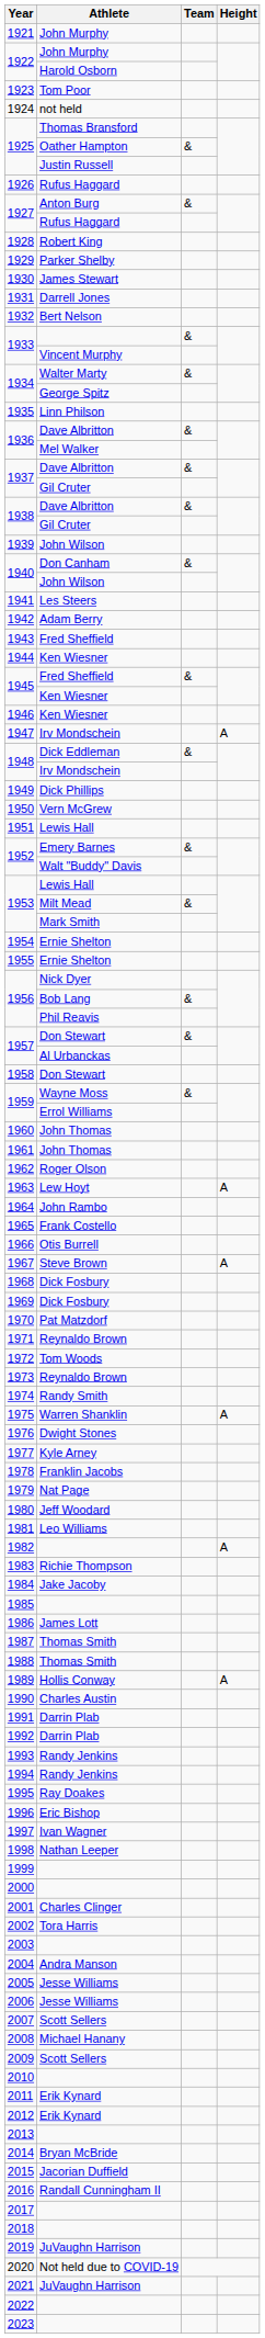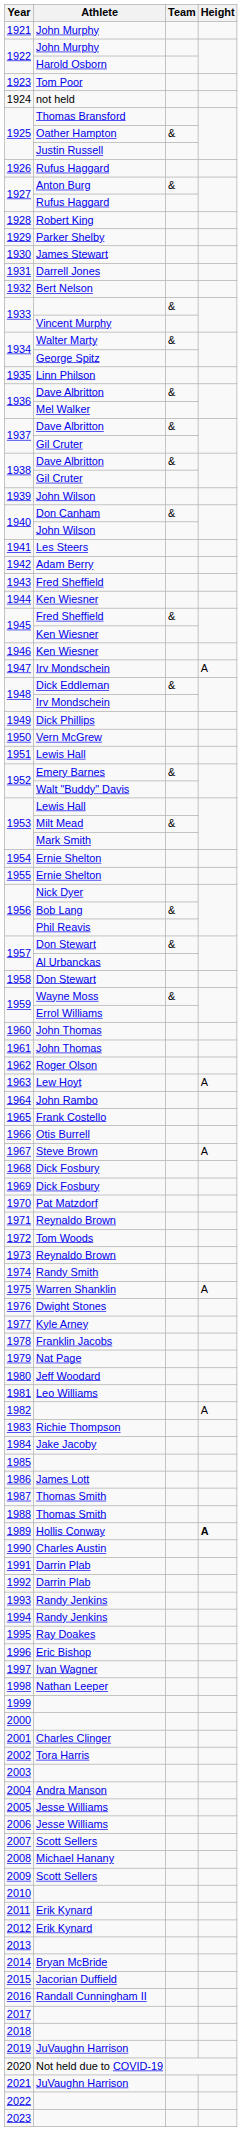 <table class="wikitable sortable">
 <tr>
 <th>Year</th>
 <th>Athlete</th>
 <th>Team</th>
 <th>Height</th>
 </tr>
 <tr>
 <td><a href='#'>1921</a></td>
 <td><a href='#'>John Murphy</a></td>
 <td></td>
 <td></td>
 </tr>
 <tr>
 <td rowspan=2><a href='#'>1922</a></td>
 <td><a href='#'>John Murphy</a></td>
 <td></td>
 <td rowspan=2></td>
 </tr>
 <tr>
 <td><a href='#'>Harold Osborn</a></td>
 <td></td>
 </tr>
 <tr>
 <td><a href='#'>1923</a></td>
 <td><a href='#'>Tom Poor</a></td>
 <td></td>
 <td></td>
 </tr>
 <tr>
 <td>1924</td>
 <td>not held</td>
 <td></td>
 </tr>
 <tr>
 <td rowspan=3><a href='#'>1925</a></td>
 <td><a href='#'>Thomas Bransford</a></td>
 <td></td>
 <td rowspan=3></td>
 </tr>
 <tr>
 <td><a href='#'>Oather Hampton</a></td>
 <td> &</td>
 </tr>
 <tr>
 <td><a href='#'>Justin Russell</a></td>
 <td></td>
 </tr>
 <tr>
 <td><a href='#'>1926</a></td>
 <td><a href='#'>Rufus Haggard</a></td>
 <td></td>
 <td></td>
 </tr>
 <tr>
 <td rowspan=2><a href='#'>1927</a></td>
 <td><a href='#'>Anton Burg</a></td>
 <td> &</td>
 <td rowspan=2></td>
 </tr>
 <tr>
 <td><a href='#'>Rufus Haggard</a></td>
 <td></td>
 </tr>
 <tr>
 <td><a href='#'>1928</a></td>
 <td><a href='#'>Robert King</a></td>
 <td></td>
 <td></td>
 </tr>
 <tr>
 <td><a href='#'>1929</a></td>
 <td><a href='#'>Parker Shelby</a></td>
 <td></td>
 <td></td>
 </tr>
 <tr>
 <td><a href='#'>1930</a></td>
 <td><a href='#'>James Stewart</a></td>
 <td></td>
 <td></td>
 </tr>
 <tr>
 <td><a href='#'>1931</a></td>
 <td><a href='#'>Darrell Jones</a></td>
 <td></td>
 <td></td>
 </tr>
 <tr>
 <td><a href='#'>1932</a></td>
 <td><a href='#'>Bert Nelson</a></td>
 <td></td>
 <td></td>
 </tr>
 <tr>
 <td rowspan=2><a href='#'>1933</a></td>
 <td></td>
 <td> &</td>
 <td rowspan=2></td>
 </tr>
 <tr>
 <td><a href='#'>Vincent Murphy</a></td>
 <td></td>
 </tr>
 <tr>
 <td rowspan=2><a href='#'>1934</a></td>
 <td><a href='#'>Walter Marty</a></td>
 <td> &</td>
 <td rowspan=2></td>
 </tr>
 <tr>
 <td><a href='#'>George Spitz</a></td>
 <td></td>
 </tr>
 <tr>
 <td><a href='#'>1935</a></td>
 <td><a href='#'>Linn Philson</a></td>
 <td></td>
 <td></td>
 </tr>
 <tr>
 <td rowspan=2><a href='#'>1936</a></td>
 <td><a href='#'>Dave Albritton</a></td>
 <td> &</td>
 <td rowspan=2></td>
 </tr>
 <tr>
 <td><a href='#'>Mel Walker</a></td>
 <td></td>
 </tr>
 <tr>
 <td rowspan=2><a href='#'>1937</a></td>
 <td><a href='#'>Dave Albritton</a></td>
 <td> &</td>
 <td rowspan=2></td>
 </tr>
 <tr>
 <td><a href='#'>Gil Cruter</a></td>
 <td></td>
 </tr>
 <tr>
 <td rowspan=2><a href='#'>1938</a></td>
 <td><a href='#'>Dave Albritton</a></td>
 <td> &</td>
 <td rowspan=2></td>
 </tr>
 <tr>
 <td><a href='#'>Gil Cruter</a></td>
 <td></td>
 </tr>
 <tr>
 <td><a href='#'>1939</a></td>
 <td><a href='#'>John Wilson</a></td>
 <td></td>
 <td></td>
 </tr>
 <tr>
 <td rowspan=2><a href='#'>1940</a></td>
 <td><a href='#'>Don Canham</a></td>
 <td> &</td>
 <td rowspan=2></td>
 </tr>
 <tr>
 <td><a href='#'>John Wilson</a></td>
 <td></td>
 </tr>
 <tr>
 <td><a href='#'>1941</a></td>
 <td><a href='#'>Les Steers</a></td>
 <td></td>
 <td></td>
 </tr>
 <tr>
 <td><a href='#'>1942</a></td>
 <td><a href='#'>Adam Berry</a></td>
 <td></td>
 <td></td>
 </tr>
 <tr>
 <td><a href='#'>1943</a></td>
 <td><a href='#'>Fred Sheffield</a></td>
 <td></td>
 <td></td>
 </tr>
 <tr>
 <td><a href='#'>1944</a></td>
 <td><a href='#'>Ken Wiesner</a></td>
 <td></td>
 <td></td>
 </tr>
 <tr>
 <td rowspan=2><a href='#'>1945</a></td>
 <td><a href='#'>Fred Sheffield</a></td>
 <td> &</td>
 <td rowspan=2></td>
 </tr>
 <tr>
 <td><a href='#'>Ken Wiesner</a></td>
 <td></td>
 </tr>
 <tr>
 <td><a href='#'>1946</a></td>
 <td><a href='#'>Ken Wiesner</a></td>
 <td></td>
 <td></td>
 </tr>
 <tr>
 <td><a href='#'>1947</a></td>
 <td><a href='#'>Irv Mondschein</a></td>
 <td></td>
 <td>A</td>
 </tr>
 <tr>
 <td rowspan=2><a href='#'>1948</a></td>
 <td><a href='#'>Dick Eddleman</a></td>
 <td> &</td>
 <td rowspan=2></td>
 </tr>
 <tr>
 <td><a href='#'>Irv Mondschein</a></td>
 <td></td>
 </tr>
 <tr>
 <td><a href='#'>1949</a></td>
 <td><a href='#'>Dick Phillips</a></td>
 <td></td>
 <td></td>
 </tr>
 <tr>
 <td><a href='#'>1950</a></td>
 <td><a href='#'>Vern McGrew</a></td>
 <td></td>
 <td></td>
 </tr>
 <tr>
 <td><a href='#'>1951</a></td>
 <td><a href='#'>Lewis Hall</a></td>
 <td></td>
 <td></td>
 </tr>
 <tr>
 <td rowspan=2><a href='#'>1952</a></td>
 <td><a href='#'>Emery Barnes</a></td>
 <td> &</td>
 <td rowspan=2></td>
 </tr>
 <tr>
 <td><a href='#'>Walt "Buddy" Davis</a></td>
 <td></td>
 </tr>
 <tr>
 <td rowspan=3><a href='#'>1953</a></td>
 <td><a href='#'>Lewis Hall</a></td>
 <td></td>
 <td rowspan=3></td>
 </tr>
 <tr>
 <td><a href='#'>Milt Mead</a></td>
 <td> &</td>
 </tr>
 <tr>
 <td><a href='#'>Mark Smith</a></td>
 <td></td>
 </tr>
 <tr>
 <td><a href='#'>1954</a></td>
 <td><a href='#'>Ernie Shelton</a></td>
 <td></td>
 <td></td>
 </tr>
 <tr>
 <td><a href='#'>1955</a></td>
 <td><a href='#'>Ernie Shelton</a></td>
 <td></td>
 <td></td>
 </tr>
 <tr>
 <td rowspan=3><a href='#'>1956</a></td>
 <td><a href='#'>Nick Dyer</a></td>
 <td></td>
 <td rowspan=3></td>
 </tr>
 <tr>
 <td><a href='#'>Bob Lang</a></td>
 <td> &</td>
 </tr>
 <tr>
 <td><a href='#'>Phil Reavis</a></td>
 <td></td>
 </tr>
 <tr>
 <td rowspan=2><a href='#'>1957</a></td>
 <td><a href='#'>Don Stewart</a></td>
 <td> &</td>
 <td rowspan=2></td>
 </tr>
 <tr>
 <td><a href='#'>Al Urbanckas</a></td>
 <td></td>
 </tr>
 <tr>
 <td><a href='#'>1958</a></td>
 <td><a href='#'>Don Stewart</a></td>
 <td></td>
 <td></td>
 </tr>
 <tr>
 <td rowspan=2><a href='#'>1959</a></td>
 <td><a href='#'>Wayne Moss</a></td>
 <td> &</td>
 <td rowspan=2></td>
 </tr>
 <tr>
 <td><a href='#'>Errol Williams</a></td>
 <td></td>
 </tr>
 <tr>
 <td><a href='#'>1960</a></td>
 <td><a href='#'>John Thomas</a></td>
 <td></td>
 <td></td>
 </tr>
 <tr>
 <td><a href='#'>1961</a></td>
 <td><a href='#'>John Thomas</a></td>
 <td></td>
 <td></td>
 </tr>
 <tr>
 <td><a href='#'>1962</a></td>
 <td><a href='#'>Roger Olson</a></td>
 <td></td>
 <td></td>
 </tr>
 <tr>
 <td><a href='#'>1963</a></td>
 <td><a href='#'>Lew Hoyt</a></td>
 <td></td>
 <td>A</td>
 </tr>
 <tr>
 <td><a href='#'>1964</a></td>
 <td><a href='#'>John Rambo</a></td>
 <td></td>
 <td></td>
 </tr>
 <tr>
 <td><a href='#'>1965</a></td>
 <td><a href='#'>Frank Costello</a></td>
 <td></td>
 <td></td>
 </tr>
 <tr>
 <td><a href='#'>1966</a></td>
 <td><a href='#'>Otis Burrell</a></td>
 <td></td>
 <td></td>
 </tr>
 <tr>
 <td><a href='#'>1967</a></td>
 <td><a href='#'>Steve Brown</a></td>
 <td></td>
 <td>A</td>
 </tr>
 <tr>
 <td><a href='#'>1968</a></td>
 <td><a href='#'>Dick Fosbury</a></td>
 <td></td>
 <td></td>
 </tr>
 <tr>
 <td><a href='#'>1969</a></td>
 <td><a href='#'>Dick Fosbury</a></td>
 <td></td>
 <td></td>
 </tr>
 <tr>
 <td><a href='#'>1970</a></td>
 <td><a href='#'>Pat Matzdorf</a></td>
 <td></td>
 <td></td>
 </tr>
 <tr>
 <td><a href='#'>1971</a></td>
 <td><a href='#'>Reynaldo Brown</a></td>
 <td></td>
 <td></td>
 </tr>
 <tr>
 <td><a href='#'>1972</a></td>
 <td><a href='#'>Tom Woods</a></td>
 <td></td>
 <td></td>
 </tr>
 <tr>
 <td><a href='#'>1973</a></td>
 <td><a href='#'>Reynaldo Brown</a></td>
 <td></td>
 <td></td>
 </tr>
 <tr>
 <td><a href='#'>1974</a></td>
 <td><a href='#'>Randy Smith</a></td>
 <td></td>
 <td></td>
 </tr>
 <tr>
 <td><a href='#'>1975</a></td>
 <td><a href='#'>Warren Shanklin</a></td>
 <td></td>
 <td>A</td>
 </tr>
 <tr>
 <td><a href='#'>1976</a></td>
 <td><a href='#'>Dwight Stones</a></td>
 <td></td>
 <td></td>
 </tr>
 <tr>
 <td><a href='#'>1977</a></td>
 <td><a href='#'>Kyle Arney</a></td>
 <td></td>
 <td></td>
 </tr>
 <tr>
 <td><a href='#'>1978</a></td>
 <td><a href='#'>Franklin Jacobs</a></td>
 <td></td>
 <td></td>
 </tr>
 <tr>
 <td><a href='#'>1979</a></td>
 <td><a href='#'>Nat Page</a></td>
 <td></td>
 <td></td>
 </tr>
 <tr>
 <td><a href='#'>1980</a></td>
 <td><a href='#'>Jeff Woodard</a></td>
 <td></td>
 <td></td>
 </tr>
 <tr>
 <td><a href='#'>1981</a></td>
 <td><a href='#'>Leo Williams</a></td>
 <td></td>
 <td></td>
 </tr>
 <tr>
 <td><a href='#'>1982</a></td>
 <td></td>
 <td></td>
 <td>A</td>
 </tr>
 <tr>
 <td><a href='#'>1983</a></td>
 <td><a href='#'>Richie Thompson</a></td>
 <td></td>
 <td></td>
 </tr>
 <tr>
 <td><a href='#'>1984</a></td>
 <td><a href='#'>Jake Jacoby</a></td>
 <td></td>
 <td></td>
 </tr>
 <tr>
 <td><a href='#'>1985</a></td>
 <td></td>
 <td></td>
 <td></td>
 </tr>
 <tr>
 <td><a href='#'>1986</a></td>
 <td><a href='#'>James Lott</a></td>
 <td></td>
 <td></td>
 </tr>
 <tr>
 <td><a href='#'>1987</a></td>
 <td><a href='#'>Thomas Smith</a></td>
 <td></td>
 <td></td>
 </tr>
 <tr>
 <td><a href='#'>1988</a></td>
 <td><a href='#'>Thomas Smith</a></td>
 <td></td>
 <td></td>
 </tr>
 <tr>
 <td><a href='#'>1989</a></td>
 <td><a href='#'>Hollis Conway</a></td>
 <td></td>
-<td>A</td>
+<td><strong>A</strong></td>
 </tr>
 <tr>
 <td><a href='#'>1990</a></td>
 <td><a href='#'>Charles Austin</a></td>
 <td></td>
 <td></td>
 </tr>
 <tr>
 <td><a href='#'>1991</a></td>
 <td><a href='#'>Darrin Plab</a></td>
 <td></td>
 <td></td>
 </tr>
 <tr>
 <td><a href='#'>1992</a></td>
 <td><a href='#'>Darrin Plab</a></td>
 <td></td>
 <td></td>
 </tr>
 <tr>
 <td><a href='#'>1993</a></td>
 <td><a href='#'>Randy Jenkins</a></td>
 <td></td>
 <td></td>
 </tr>
 <tr>
 <td><a href='#'>1994</a></td>
 <td><a href='#'>Randy Jenkins</a></td>
 <td></td>
 <td></td>
 </tr>
 <tr>
 <td><a href='#'>1995</a></td>
 <td><a href='#'>Ray Doakes</a></td>
 <td></td>
 <td></td>
 </tr>
 <tr>
 <td><a href='#'>1996</a></td>
 <td><a href='#'>Eric Bishop</a></td>
 <td></td>
 <td></td>
 </tr>
 <tr>
 <td><a href='#'>1997</a></td>
 <td><a href='#'>Ivan Wagner</a></td>
 <td></td>
 <td></td>
 </tr>
 <tr>
 <td><a href='#'>1998</a></td>
 <td><a href='#'>Nathan Leeper</a></td>
 <td></td>
 <td></td>
 </tr>
 <tr>
 <td><a href='#'>1999</a></td>
 <td></td>
 <td></td>
 <td></td>
 </tr>
 <tr>
 <td><a href='#'>2000</a></td>
 <td></td>
 <td></td>
 <td></td>
 </tr>
 <tr>
 <td><a href='#'>2001</a></td>
 <td><a href='#'>Charles Clinger</a></td>
 <td></td>
 <td></td>
 </tr>
 <tr>
 <td><a href='#'>2002</a></td>
 <td><a href='#'>Tora Harris</a></td>
 <td></td>
 <td></td>
 </tr>
 <tr>
 <td><a href='#'>2003</a></td>
 <td></td>
 <td></td>
 <td></td>
 </tr>
 <tr>
 <td><a href='#'>2004</a></td>
 <td><a href='#'>Andra Manson</a></td>
 <td></td>
 <td></td>
 </tr>
 <tr>
 <td><a href='#'>2005</a></td>
 <td><a href='#'>Jesse Williams</a></td>
 <td></td>
 <td></td>
 </tr>
 <tr>
 <td><a href='#'>2006</a></td>
 <td><a href='#'>Jesse Williams</a></td>
 <td></td>
 <td></td>
 </tr>
 <tr>
 <td><a href='#'>2007</a></td>
 <td><a href='#'>Scott Sellers</a></td>
 <td></td>
 <td></td>
 </tr>
 <tr>
 <td><a href='#'>2008</a></td>
 <td><a href='#'>Michael Hanany</a></td>
 <td></td>
 <td></td>
 </tr>
 <tr>
 <td><a href='#'>2009</a></td>
 <td><a href='#'>Scott Sellers</a></td>
 <td></td>
 <td></td>
 </tr>
 <tr>
 <td><a href='#'>2010</a></td>
 <td></td>
 <td></td>
 <td></td>
 </tr>
 <tr>
 <td><a href='#'>2011</a></td>
 <td><a href='#'>Erik Kynard</a></td>
 <td></td>
 <td></td>
 </tr>
 <tr>
 <td><a href='#'>2012</a></td>
 <td><a href='#'>Erik Kynard</a></td>
 <td></td>
 <td></td>
 </tr>
 <tr>
 <td><a href='#'>2013</a></td>
 <td></td>
 <td></td>
 <td></td>
 </tr>
 <tr>
 <td><a href='#'>2014</a></td>
 <td><a href='#'>Bryan McBride</a></td>
 <td></td>
 <td></td>
 </tr>
 <tr>
 <td><a href='#'>2015</a></td>
 <td><a href='#'>Jacorian Duffield</a></td>
 <td></td>
 <td></td>
 </tr>
 <tr>
 <td><a href='#'>2016</a></td>
 <td><a href='#'>Randall Cunningham II</a></td>
 <td></td>
 <td></td>
 </tr>
 <tr>
 <td><a href='#'>2017</a></td>
 <td></td>
 <td></td>
 <td></td>
 </tr>
 <tr>
 <td><a href='#'>2018</a></td>
 <td></td>
 <td></td>
 <td></td>
 </tr>
 <tr>
 <td><a href='#'>2019</a></td>
 <td><a href='#'>JuVaughn Harrison</a></td>
 <td></td>
 <td></td>
 </tr>
 <tr>
 <td>2020</td>
 <td>Not held due to <a href='#'>COVID-19</a></td>
 </tr>
 <tr>
 <td><a href='#'>2021</a></td>
 <td><a href='#'>JuVaughn Harrison</a></td>
 <td></td>
 <td></td>
 </tr>
 <tr>
 <td><a href='#'>2022</a></td>
 <td></td>
 <td></td>
 <td></td>
 </tr>
 <tr>
 <td><a href='#'>2023</a></td>
 <td></td>
 <td></td>
 <td></td>
 </tr>
 </table>
